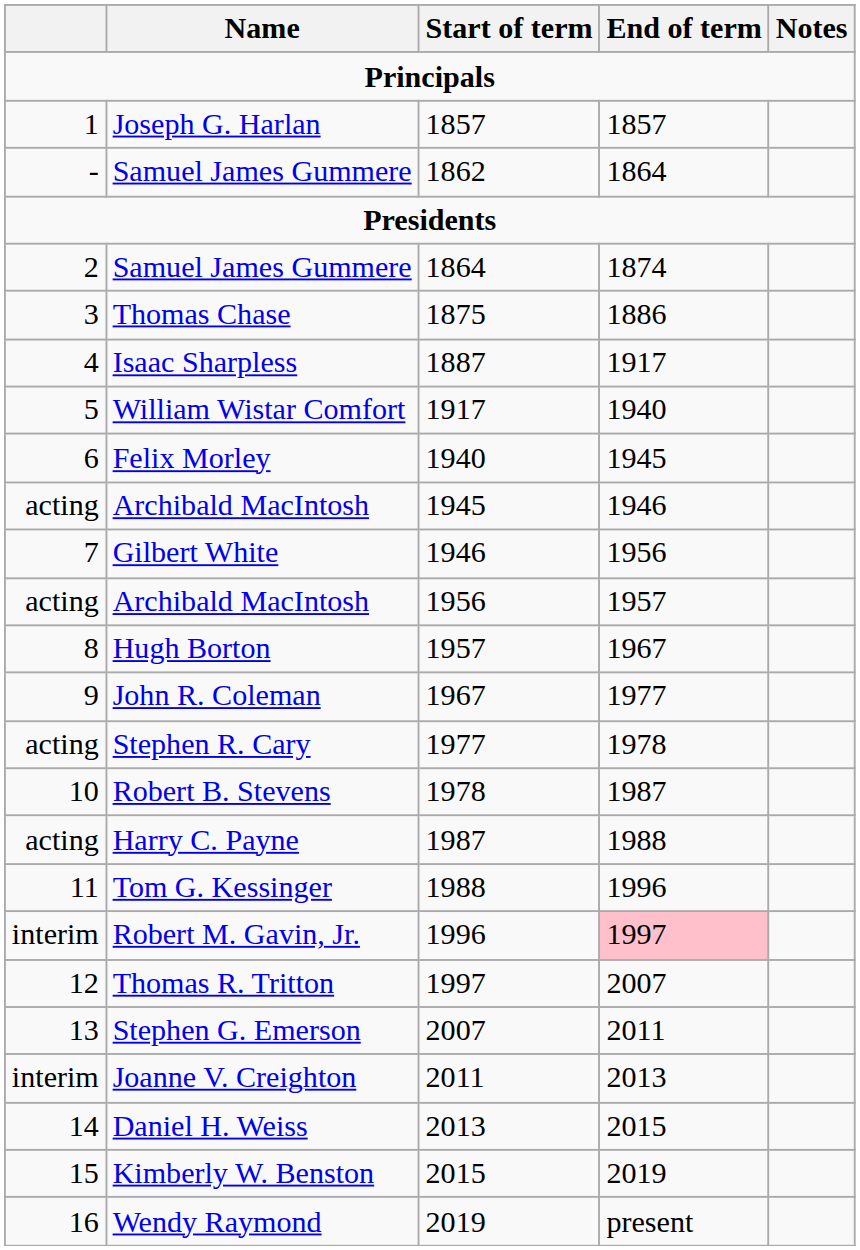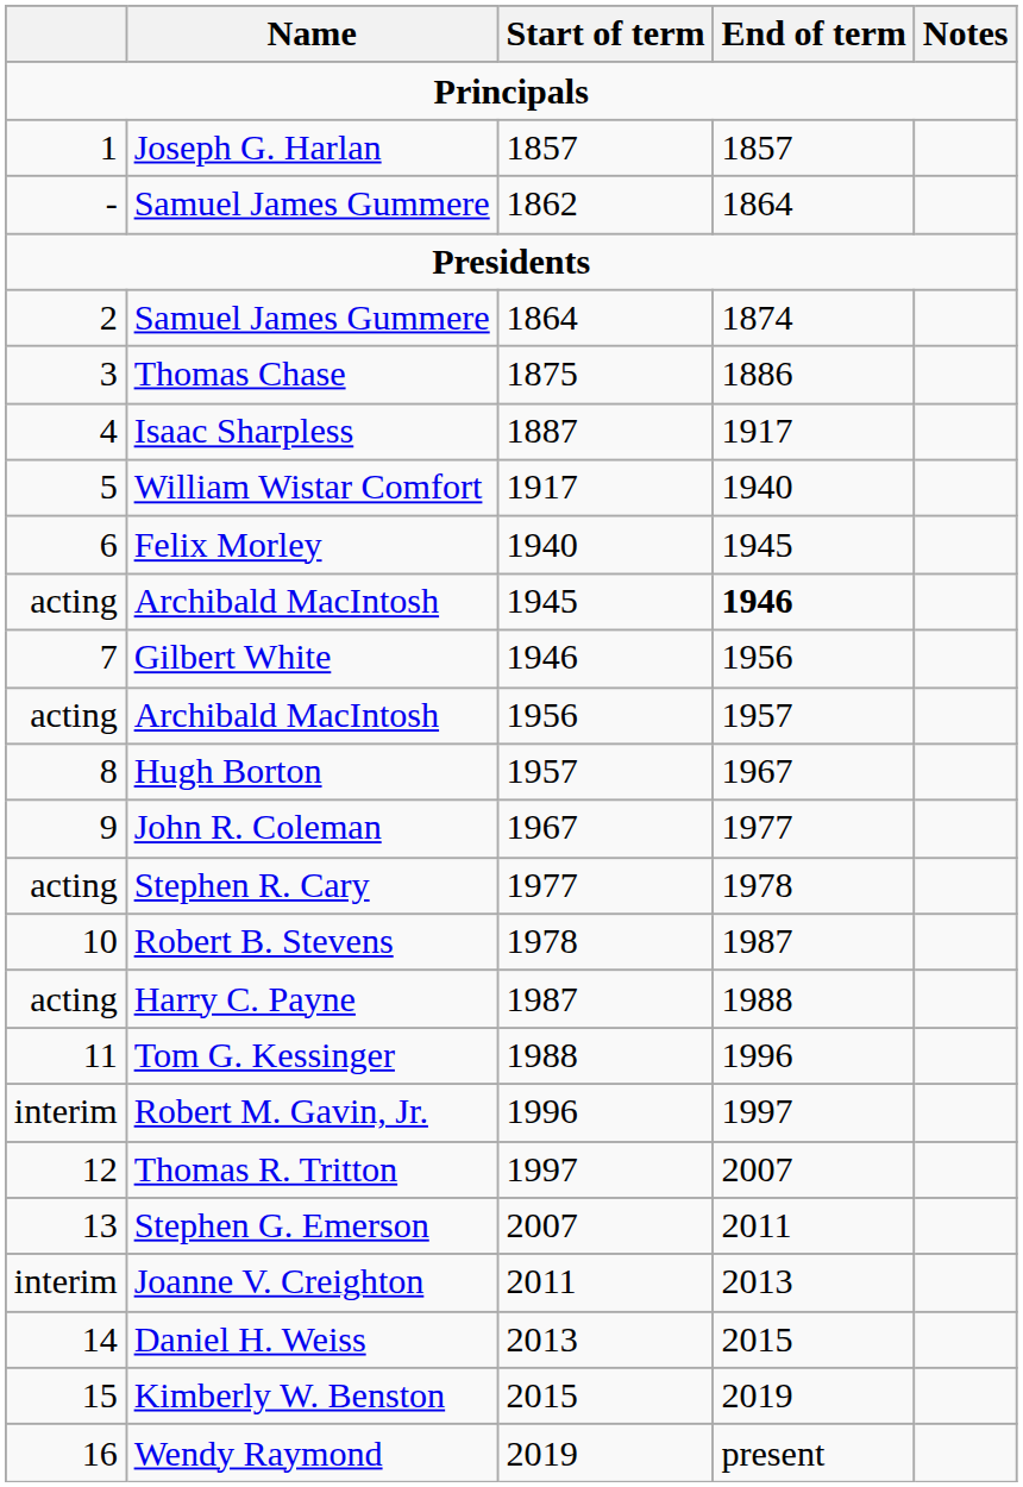 <table class="sortable wikitable">
 <tr>
 <th></th>
 <th>Name</th>
 <th>Start of term</th>
 <th>End of term</th>
 <th>Notes</th>
 </tr>
 <tr>
 <td colspan=5 style="text-align: center; font-style: bold;"><strong>Principals</strong></td>
 </tr>
 <tr>
 <td style="text-align: right;">1</td>
 <td><a href='#'>Joseph G. Harlan</a></td>
 <td>1857</td>
 <td>1857</td>
 <td></td>
 </tr>
 <tr>
 <td style="text-align: right;">-</td>
 <td><a href='#'>Samuel James Gummere</a></td>
 <td>1862</td>
 <td>1864</td>
 <td></td>
 </tr>
 <tr>
 <td colspan=5 style="text-align: center; font-style: bold;"><strong>Presidents</strong></td>
 </tr>
 <tr>
 <td style="text-align: right;">2</td>
 <td><a href='#'>Samuel James Gummere</a></td>
 <td>1864</td>
 <td>1874</td>
 <td></td>
 </tr>
 <tr>
 <td style="text-align: right;">3</td>
 <td><a href='#'>Thomas Chase</a></td>
 <td>1875</td>
 <td>1886</td>
 <td></td>
 </tr>
 <tr>
 <td style="text-align: right;">4</td>
 <td><a href='#'>Isaac Sharpless</a></td>
 <td>1887</td>
 <td>1917</td>
 <td></td>
 </tr>
 <tr>
 <td style="text-align: right;">5</td>
 <td><a href='#'>William Wistar Comfort</a></td>
 <td>1917</td>
 <td>1940</td>
 <td></td>
 </tr>
 <tr>
 <td style="text-align: right;">6</td>
 <td><a href='#'>Felix Morley</a></td>
 <td>1940</td>
 <td>1945</td>
 <td></td>
 </tr>
 <tr>
 <td style="text-align: right;">acting</td>
 <td><a href='#'>Archibald MacIntosh</a></td>
 <td>1945</td>
-<td>1946</td>
+<td><strong>1946</strong></td>
 <td></td>
 </tr>
 <tr>
 <td style="text-align: right;">7</td>
 <td><a href='#'>Gilbert White</a></td>
 <td>1946</td>
 <td>1956</td>
 <td></td>
 </tr>
 <tr>
 <td style="text-align: right;">acting</td>
 <td><a href='#'>Archibald MacIntosh</a></td>
 <td>1956</td>
 <td>1957</td>
 <td></td>
 </tr>
 <tr>
 <td style="text-align: right;">8</td>
 <td><a href='#'>Hugh Borton</a></td>
 <td>1957</td>
 <td>1967</td>
 <td></td>
 </tr>
 <tr>
 <td style="text-align: right;">9</td>
 <td><a href='#'>John R. Coleman</a></td>
 <td>1967</td>
 <td>1977</td>
 <td></td>
 </tr>
 <tr>
 <td style="text-align: right;">acting</td>
 <td><a href='#'>Stephen R. Cary</a></td>
 <td>1977</td>
 <td>1978</td>
 <td></td>
 </tr>
 <tr>
 <td style="text-align: right;">10</td>
 <td><a href='#'>Robert B. Stevens</a></td>
 <td>1978</td>
 <td>1987</td>
 <td></td>
 </tr>
 <tr>
 <td style="text-align: right;">acting</td>
 <td><a href='#'>Harry C. Payne</a></td>
 <td>1987</td>
 <td>1988</td>
 <td></td>
 </tr>
 <tr>
 <td style="text-align: right;">11</td>
 <td><a href='#'>Tom G. Kessinger</a></td>
 <td>1988</td>
 <td>1996</td>
 <td></td>
 </tr>
 <tr>
 <td style="text-align: right;">interim</td>
 <td><a href='#'>Robert M. Gavin, Jr.</a></td>
 <td>1996</td>
-<td style="background: pink;">1997</td>
+<td>1997</td>
 <td></td>
 </tr>
 <tr>
 <td style="text-align: right;">12</td>
 <td><a href='#'>Thomas R. Tritton</a></td>
 <td>1997</td>
 <td>2007</td>
 <td></td>
 </tr>
 <tr>
 <td style="text-align: right;">13</td>
 <td><a href='#'>Stephen G. Emerson</a></td>
 <td>2007</td>
 <td>2011</td>
 <td></td>
 </tr>
 <tr>
 <td style="text-align: right;">interim</td>
 <td><a href='#'>Joanne V. Creighton</a></td>
 <td>2011</td>
 <td>2013</td>
 <td></td>
 </tr>
 <tr>
 <td style="text-align: right;">14</td>
 <td><a href='#'>Daniel H. Weiss</a></td>
 <td>2013</td>
 <td>2015</td>
 <td></td>
 </tr>
 <tr>
 <td style="text-align: right;">15</td>
 <td><a href='#'>Kimberly W. Benston</a></td>
 <td>2015</td>
 <td>2019</td>
 <td></td>
 </tr>
 <tr>
 <td style="text-align: right;">16</td>
 <td><a href='#'>Wendy Raymond</a></td>
 <td>2019</td>
 <td>present</td>
 <td></td>
 </tr>
 </table>
